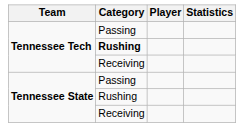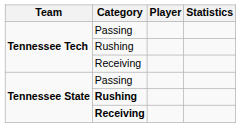 <table class="wikitable" style="float: right;">
 <tr>
 <th>Team</th>
 <th>Category</th>
 <th>Player</th>
 <th>Statistics</th>
 </tr>
 <tr>
 <td rowspan=3><strong>Tennessee Tech</strong></td>
 <td>Passing</td>
 <td></td>
 <td></td>
 </tr>
 <tr>
-<td><strong>Rushing</strong></td>
+<td>Rushing</td>
 <td></td>
 <td></td>
 </tr>
 <tr>
 <td>Receiving</td>
 <td></td>
 <td></td>
 </tr>
 <tr>
 <td rowspan=3><strong>Tennessee State</strong></td>
 <td>Passing</td>
 <td></td>
 <td></td>
 </tr>
 <tr>
-<td>Rushing</td>
+<td><strong>Rushing</strong></td>
 <td></td>
 <td></td>
 </tr>
 <tr>
-<td>Receiving</td>
+<td><strong>Receiving</strong></td>
 <td></td>
 <td></td>
 </tr>
 </table>
